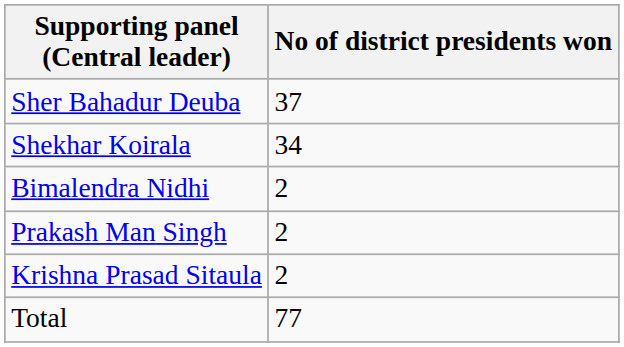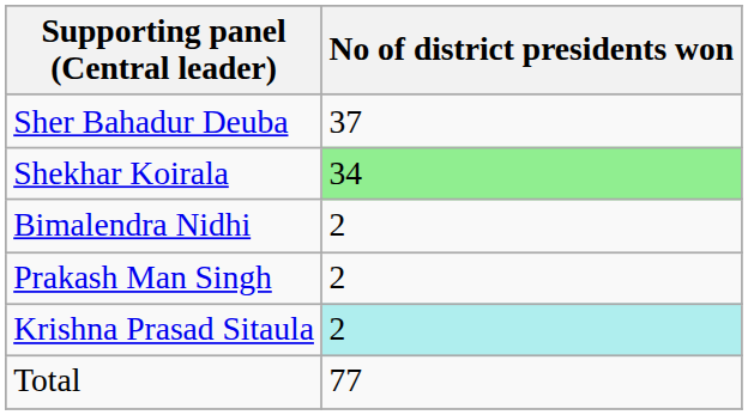 <table class="wikitable">
 <tr>
 <th>Supporting panel<br>(Central leader)</th>
 <th>No of district presidents won</th>
 </tr>
 <tr>
 <td><a href='#'>Sher Bahadur Deuba</a></td>
 <td>37</td>
 </tr>
 <tr>
 <td><a href='#'>Shekhar Koirala</a></td>
-<td>34</td>
+<td style="background: lightgreen;">34</td>
 </tr>
 <tr>
 <td><a href='#'>Bimalendra Nidhi</a></td>
 <td>2</td>
 </tr>
 <tr>
 <td><a href='#'>Prakash Man Singh</a></td>
 <td>2</td>
 </tr>
 <tr>
 <td><a href='#'>Krishna Prasad Sitaula</a></td>
-<td>2</td>
+<td style="background: paleturquoise;">2</td>
 </tr>
 <tr>
 <td>Total</td>
 <td>77</td>
 </tr>
 </table>
